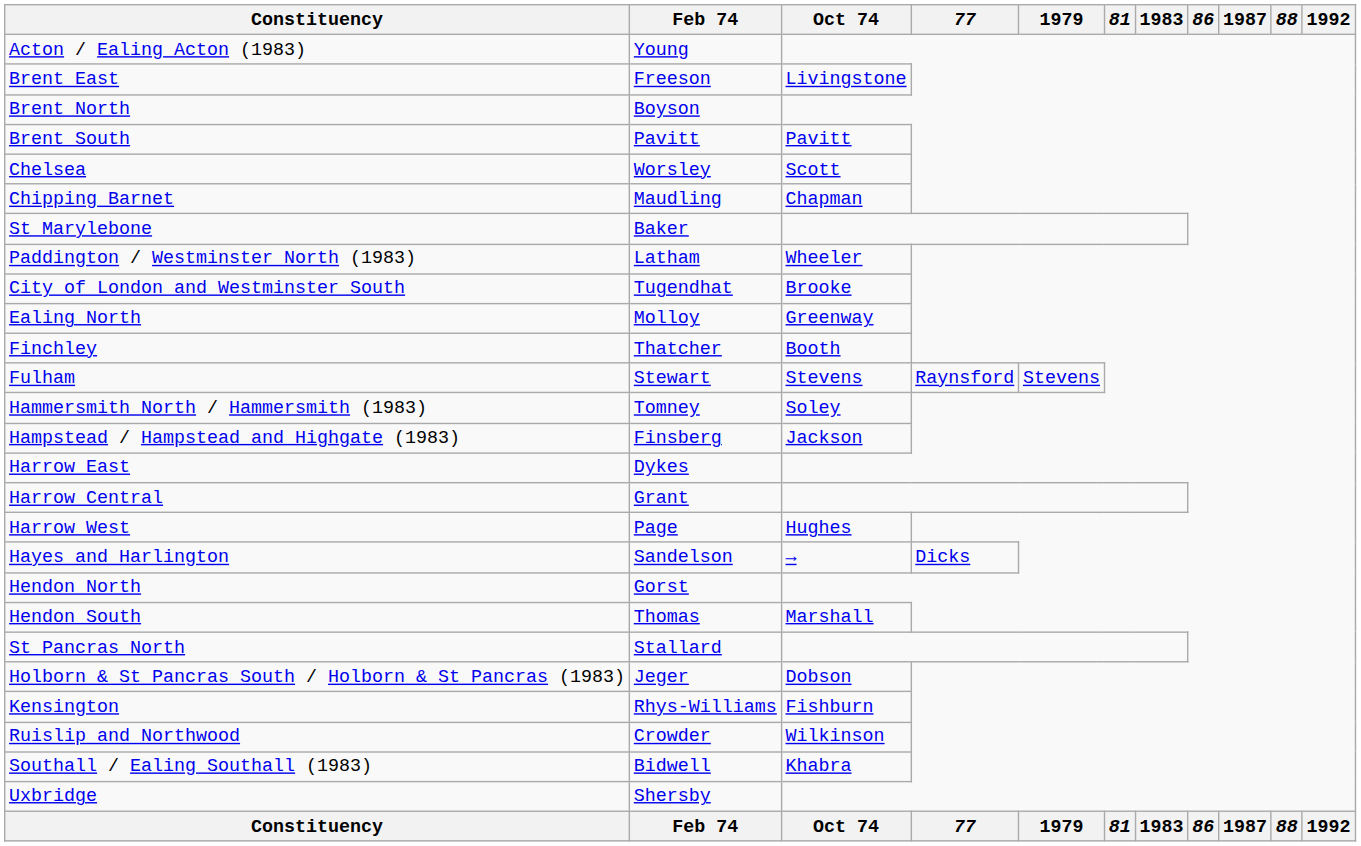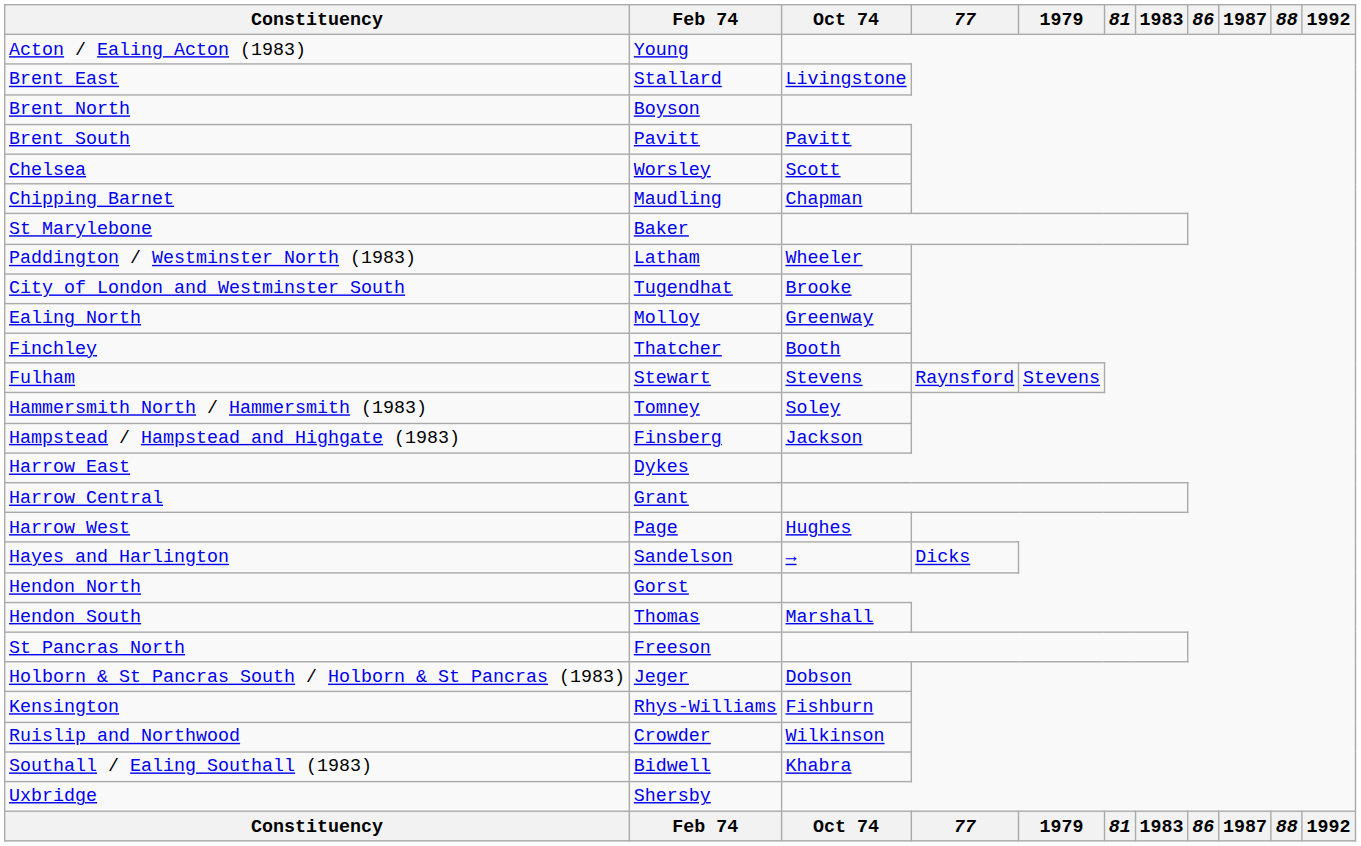 <table class="wikitable">
 <tr>
 <th>Constituency</th>
 <th>Feb 74</th>
 <th>Oct 74</th>
 <th><em>77</em></th>
 <th>1979</th>
 <th><em>81</em></th>
 <th>1983</th>
 <th><em>86</em></th>
 <th>1987</th>
 <th><em>88</em></th>
 <th>1992</th>
 </tr>
 <tr>
 <td><a href='#'>Acton</a> / <a href='#'>Ealing Acton</a> (1983)</td>
 <td><a href='#'>Young</a></td>
 </tr>
 <tr>
 <td><a href='#'>Brent East</a></td>
-<td><a href='#'>Freeson</a></td>
+<td><a href='#'>Stallard</a></td>
 <td><a href='#'>Livingstone</a></td>
 </tr>
 <tr>
 <td><a href='#'>Brent North</a></td>
 <td><a href='#'>Boyson</a></td>
 </tr>
 <tr>
 <td><a href='#'>Brent South</a></td>
 <td><a href='#'>Pavitt</a></td>
 <td><a href='#'>Pavitt</a></td>
 </tr>
 <tr>
 <td><a href='#'>Chelsea</a></td>
 <td><a href='#'>Worsley</a></td>
 <td><a href='#'>Scott</a></td>
 </tr>
 <tr>
 <td><a href='#'>Chipping Barnet</a></td>
 <td><a href='#'>Maudling</a></td>
 <td><a href='#'>Chapman</a></td>
 </tr>
 <tr>
 <td><a href='#'>St Marylebone</a></td>
 <td><a href='#'>Baker</a></td>
 <td colspan="5"></td>
 </tr>
 <tr>
 <td><a href='#'>Paddington</a> / <a href='#'>Westminster North</a> (1983)</td>
 <td><a href='#'>Latham</a></td>
 <td><a href='#'>Wheeler</a></td>
 </tr>
 <tr>
 <td><a href='#'>City of London and Westminster South</a></td>
 <td><a href='#'>Tugendhat</a></td>
 <td><a href='#'>Brooke</a></td>
 </tr>
 <tr>
 <td><a href='#'>Ealing North</a></td>
 <td><a href='#'>Molloy</a></td>
 <td><a href='#'>Greenway</a></td>
 </tr>
 <tr>
 <td><a href='#'>Finchley</a></td>
 <td><a href='#'>Thatcher</a></td>
 <td><a href='#'>Booth</a></td>
 </tr>
 <tr>
 <td><a href='#'>Fulham</a></td>
 <td><a href='#'>Stewart</a></td>
 <td><a href='#'>Stevens</a></td>
 <td><a href='#'>Raynsford</a></td>
 <td><a href='#'>Stevens</a></td>
 </tr>
 <tr>
 <td><a href='#'>Hammersmith North</a> / <a href='#'>Hammersmith</a> (1983)</td>
 <td><a href='#'>Tomney</a></td>
 <td><a href='#'>Soley</a></td>
 </tr>
 <tr>
 <td><a href='#'>Hampstead</a> / <a href='#'>Hampstead and Highgate</a> (1983)</td>
 <td><a href='#'>Finsberg</a></td>
 <td><a href='#'>Jackson</a></td>
 </tr>
 <tr>
 <td><a href='#'>Harrow East</a></td>
 <td><a href='#'>Dykes</a></td>
 </tr>
 <tr>
 <td><a href='#'>Harrow Central</a></td>
 <td><a href='#'>Grant</a></td>
 <td colspan="5"></td>
 </tr>
 <tr>
 <td><a href='#'>Harrow West</a></td>
 <td><a href='#'>Page</a></td>
 <td><a href='#'>Hughes</a></td>
 </tr>
 <tr>
 <td><a href='#'>Hayes and Harlington</a></td>
 <td><a href='#'>Sandelson</a></td>
 <td><a href='#'>→</a></td>
 <td><a href='#'>Dicks</a></td>
 </tr>
 <tr>
 <td><a href='#'>Hendon North</a></td>
 <td><a href='#'>Gorst</a></td>
 </tr>
 <tr>
 <td><a href='#'>Hendon South</a></td>
 <td><a href='#'>Thomas</a></td>
 <td><a href='#'>Marshall</a></td>
 </tr>
 <tr>
 <td><a href='#'>St Pancras North</a></td>
-<td><a href='#'>Stallard</a></td>
+<td><a href='#'>Freeson</a></td>
 <td colspan="5"></td>
 </tr>
 <tr>
 <td><a href='#'>Holborn & St Pancras South</a> / <a href='#'>Holborn & St Pancras</a> (1983)</td>
 <td><a href='#'>Jeger</a></td>
 <td><a href='#'>Dobson</a></td>
 </tr>
 <tr>
 <td><a href='#'>Kensington</a></td>
 <td><a href='#'>Rhys-Williams</a></td>
 <td><a href='#'>Fishburn</a></td>
 </tr>
 <tr>
 <td><a href='#'>Ruislip and Northwood</a></td>
 <td><a href='#'>Crowder</a></td>
 <td><a href='#'>Wilkinson</a></td>
 </tr>
 <tr>
 <td><a href='#'>Southall</a> / <a href='#'>Ealing Southall</a> (1983)</td>
 <td><a href='#'>Bidwell</a></td>
 <td><a href='#'>Khabra</a></td>
 </tr>
 <tr>
 <td><a href='#'>Uxbridge</a></td>
 <td><a href='#'>Shersby</a></td>
 </tr>
 <tr>
 <th>Constituency</th>
 <th>Feb 74</th>
 <th>Oct 74</th>
 <th><em>77</em></th>
 <th>1979</th>
 <th><em>81</em></th>
 <th>1983</th>
 <th><em>86</em></th>
 <th>1987</th>
 <th><em>88</em></th>
 <th>1992</th>
 </tr>
 </table>
